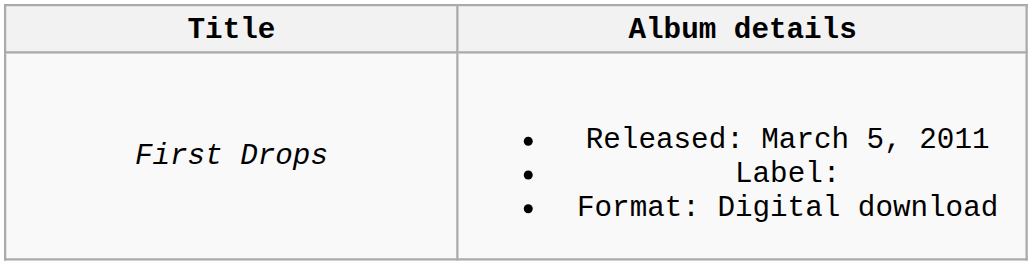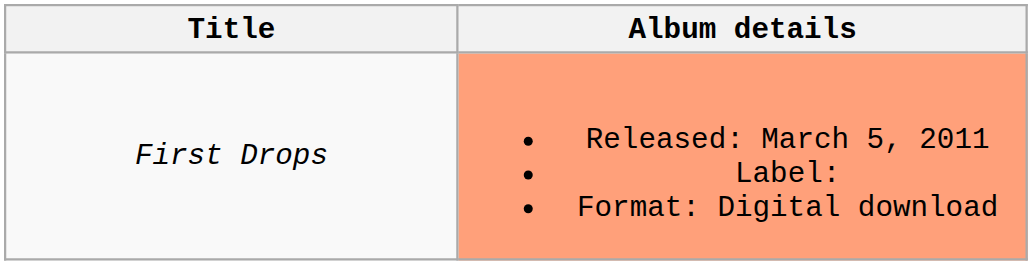 <table class="wikitable plainrowheaders" style="text-align:center">
 <tr>
 <th scope="col" style="width:15em;">Title</th>
 <th scope="col" style="width:19em;">Album details</th>
 </tr>
 <tr>
 <td><em>First Drops</em></td>
-<td><br><ul><li>Released: March 5, 2011</li><li>Label:</li><li>Format: Digital download</li></ul></td>
+<td style="background: lightsalmon;"><br><ul><li>Released: March 5, 2011</li><li>Label:</li><li>Format: Digital download</li></ul></td>
 </tr>
 </table>
